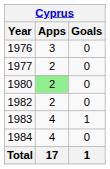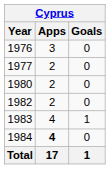 <table class="wikitable" style="text-align:center">
 <tr>
 <th colspan=3><a href='#'>Cyprus</a></th>
 </tr>
 <tr>
 <th>Year</th>
 <th>Apps</th>
 <th>Goals</th>
 </tr>
 <tr>
 <td>1976</td>
 <td>3</td>
 <td>0</td>
 </tr>
 <tr>
 <td>1977</td>
 <td>2</td>
 <td>0</td>
 </tr>
 <tr>
 <td>1980</td>
-<td style="background: lightgreen;">2</td>
+<td>2</td>
 <td>0</td>
 </tr>
 <tr>
 <td>1982</td>
 <td>2</td>
 <td>0</td>
 </tr>
 <tr>
 <td>1983</td>
 <td>4</td>
 <td>1</td>
 </tr>
 <tr>
 <td>1984</td>
-<td>4</td>
+<td><strong>4</strong></td>
 <td>0</td>
 </tr>
 <tr>
 <th>Total</th>
 <th>17</th>
 <th>1</th>
 </tr>
 </table>
